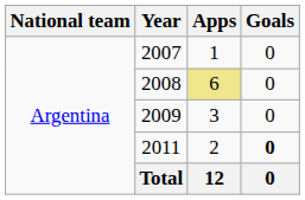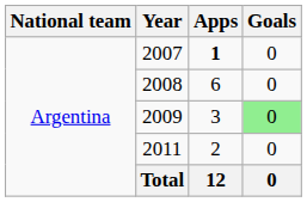 <table class="wikitable" style="text-align:center">
 <tr>
 <th>National team</th>
 <th>Year</th>
 <th>Apps</th>
 <th>Goals</th>
 </tr>
 <tr>
 <td rowspan="5"><a href='#'>Argentina</a></td>
 <td>2007</td>
-<td>1</td>
+<td><strong>1</strong></td>
 <td>0</td>
 </tr>
 <tr>
 <td>2008</td>
-<td style="background: khaki;">6</td>
+<td>6</td>
 <td>0</td>
 </tr>
 <tr>
 <td>2009</td>
 <td>3</td>
-<td>0</td>
+<td style="background: lightgreen;">0</td>
 </tr>
 <tr>
 <td>2011</td>
 <td>2</td>
-<td><strong>0</strong></td>
+<td>0</td>
 </tr>
 <tr>
 <th>Total</th>
 <th>12</th>
 <th>0</th>
 </tr>
 </table>
